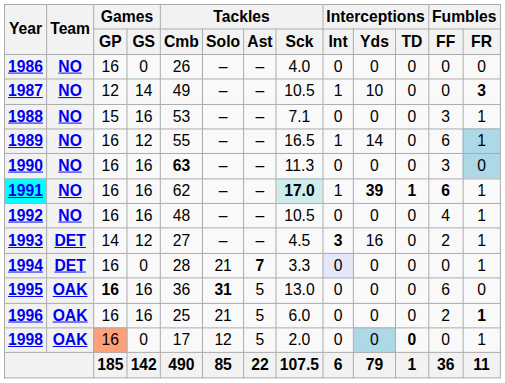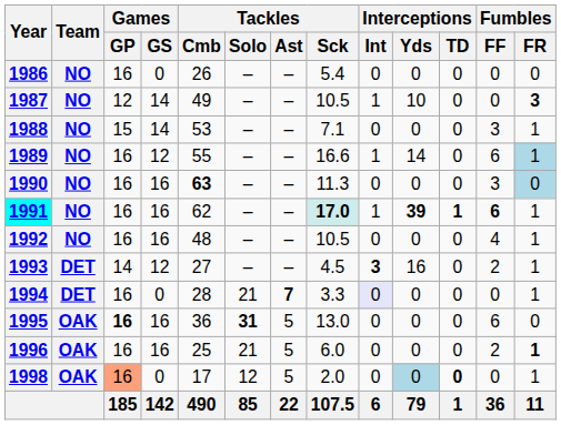 <table class="wikitable sortable" style="text-align: center;">
 <tr>
 <th rowspan="2">Year</th>
 <th rowspan="2">Team</th>
 <th colspan="2">Games</th>
 <th colspan="4">Tackles</th>
 <th colspan="3">Interceptions</th>
 <th colspan="2">Fumbles</th>
 </tr>
 <tr>
 <th>GP</th>
 <th>GS</th>
 <th>Cmb</th>
 <th>Solo</th>
 <th>Ast</th>
 <th>Sck</th>
 <th>Int</th>
 <th>Yds</th>
 <th>TD</th>
 <th>FF</th>
 <th>FR</th>
 </tr>
 <tr>
 <th><a href='#'>1986</a></th>
 <th><a href='#'>NO</a></th>
 <td>16</td>
 <td>0</td>
 <td>26</td>
 <td>–</td>
 <td>–</td>
-<td>4.0</td>
+<td>5.4</td>
 <td>0</td>
 <td>0</td>
 <td>0</td>
 <td>0</td>
 <td>0</td>
 </tr>
 <tr>
 <th><a href='#'>1987</a></th>
 <th><a href='#'>NO</a></th>
 <td>12</td>
 <td>14</td>
 <td>49</td>
 <td>–</td>
 <td>–</td>
 <td>10.5</td>
 <td>1</td>
 <td>10</td>
 <td>0</td>
 <td>0</td>
 <td><strong>3</strong></td>
 </tr>
 <tr>
 <th><a href='#'>1988</a></th>
 <th><a href='#'>NO</a></th>
 <td>15</td>
-<td>16</td>
+<td>14</td>
 <td>53</td>
 <td>–</td>
 <td>–</td>
 <td>7.1</td>
 <td>0</td>
 <td>0</td>
 <td>0</td>
 <td>3</td>
 <td>1</td>
 </tr>
 <tr>
 <th><a href='#'>1989</a></th>
 <th><a href='#'>NO</a></th>
 <td>16</td>
 <td>12</td>
 <td>55</td>
 <td>–</td>
 <td>–</td>
-<td>16.5</td>
+<td>16.6</td>
 <td>1</td>
 <td>14</td>
 <td>0</td>
 <td>6</td>
 <td style="background: lightblue;">1</td>
 </tr>
 <tr>
 <th><a href='#'>1990</a></th>
 <th><a href='#'>NO</a></th>
 <td>16</td>
 <td>16</td>
 <td><strong>63</strong></td>
 <td>–</td>
 <td>–</td>
 <td>11.3</td>
 <td>0</td>
 <td>0</td>
 <td>0</td>
 <td>3</td>
 <td style="background: lightblue;">0</td>
 </tr>
 <tr>
 <th style="background:#00ffff;"><a href='#'>1991</a></th>
 <th><a href='#'>NO</a></th>
 <td>16</td>
 <td>16</td>
 <td>62</td>
 <td>–</td>
 <td>–</td>
 <td style="background:#cfecec;"><strong>17.0</strong></td>
 <td>1</td>
 <td><strong>39</strong></td>
 <td><strong>1</strong></td>
 <td><strong>6</strong></td>
 <td>1</td>
 </tr>
 <tr>
 <th><a href='#'>1992</a></th>
 <th><a href='#'>NO</a></th>
 <td>16</td>
 <td>16</td>
 <td>48</td>
 <td>–</td>
 <td>–</td>
 <td>10.5</td>
 <td>0</td>
 <td>0</td>
 <td>0</td>
 <td>4</td>
 <td>1</td>
 </tr>
 <tr>
 <th><a href='#'>1993</a></th>
 <th><a href='#'>DET</a></th>
 <td>14</td>
 <td>12</td>
 <td>27</td>
 <td>–</td>
 <td>–</td>
 <td>4.5</td>
 <td><strong>3</strong></td>
 <td>16</td>
 <td>0</td>
 <td>2</td>
 <td>1</td>
 </tr>
 <tr>
 <th><a href='#'>1994</a></th>
 <th><a href='#'>DET</a></th>
 <td>16</td>
 <td>0</td>
 <td>28</td>
 <td>21</td>
 <td><strong>7</strong></td>
 <td>3.3</td>
 <td style="background: lavender;">0</td>
 <td>0</td>
 <td>0</td>
 <td>0</td>
 <td>1</td>
 </tr>
 <tr>
 <th><a href='#'>1995</a></th>
 <th><a href='#'>OAK</a></th>
 <td><strong>16</strong></td>
 <td>16</td>
 <td>36</td>
 <td><strong>31</strong></td>
 <td>5</td>
 <td>13.0</td>
 <td>0</td>
 <td>0</td>
 <td>0</td>
 <td>6</td>
 <td>0</td>
 </tr>
 <tr>
 <th><a href='#'>1996</a></th>
 <th><a href='#'>OAK</a></th>
 <td>16</td>
 <td>16</td>
 <td>25</td>
 <td>21</td>
 <td>5</td>
 <td>6.0</td>
 <td>0</td>
 <td>0</td>
 <td>0</td>
 <td>2</td>
 <td><strong>1</strong></td>
 </tr>
 <tr>
 <th><a href='#'>1998</a></th>
 <th><a href='#'>OAK</a></th>
 <td style="background: lightsalmon;">16</td>
 <td>0</td>
 <td>17</td>
 <td>12</td>
 <td>5</td>
 <td>2.0</td>
 <td>0</td>
 <td style="background: lightblue;">0</td>
 <td><strong>0</strong></td>
 <td>0</td>
 <td>1</td>
 </tr>
 <tr>
 <th colspan="2"></th>
 <th>185</th>
 <th>142</th>
 <th>490</th>
 <th>85</th>
 <th>22</th>
 <th>107.5</th>
 <th>6</th>
 <th>79</th>
 <th>1</th>
 <th>36</th>
 <th>11</th>
 </tr>
 </table>
